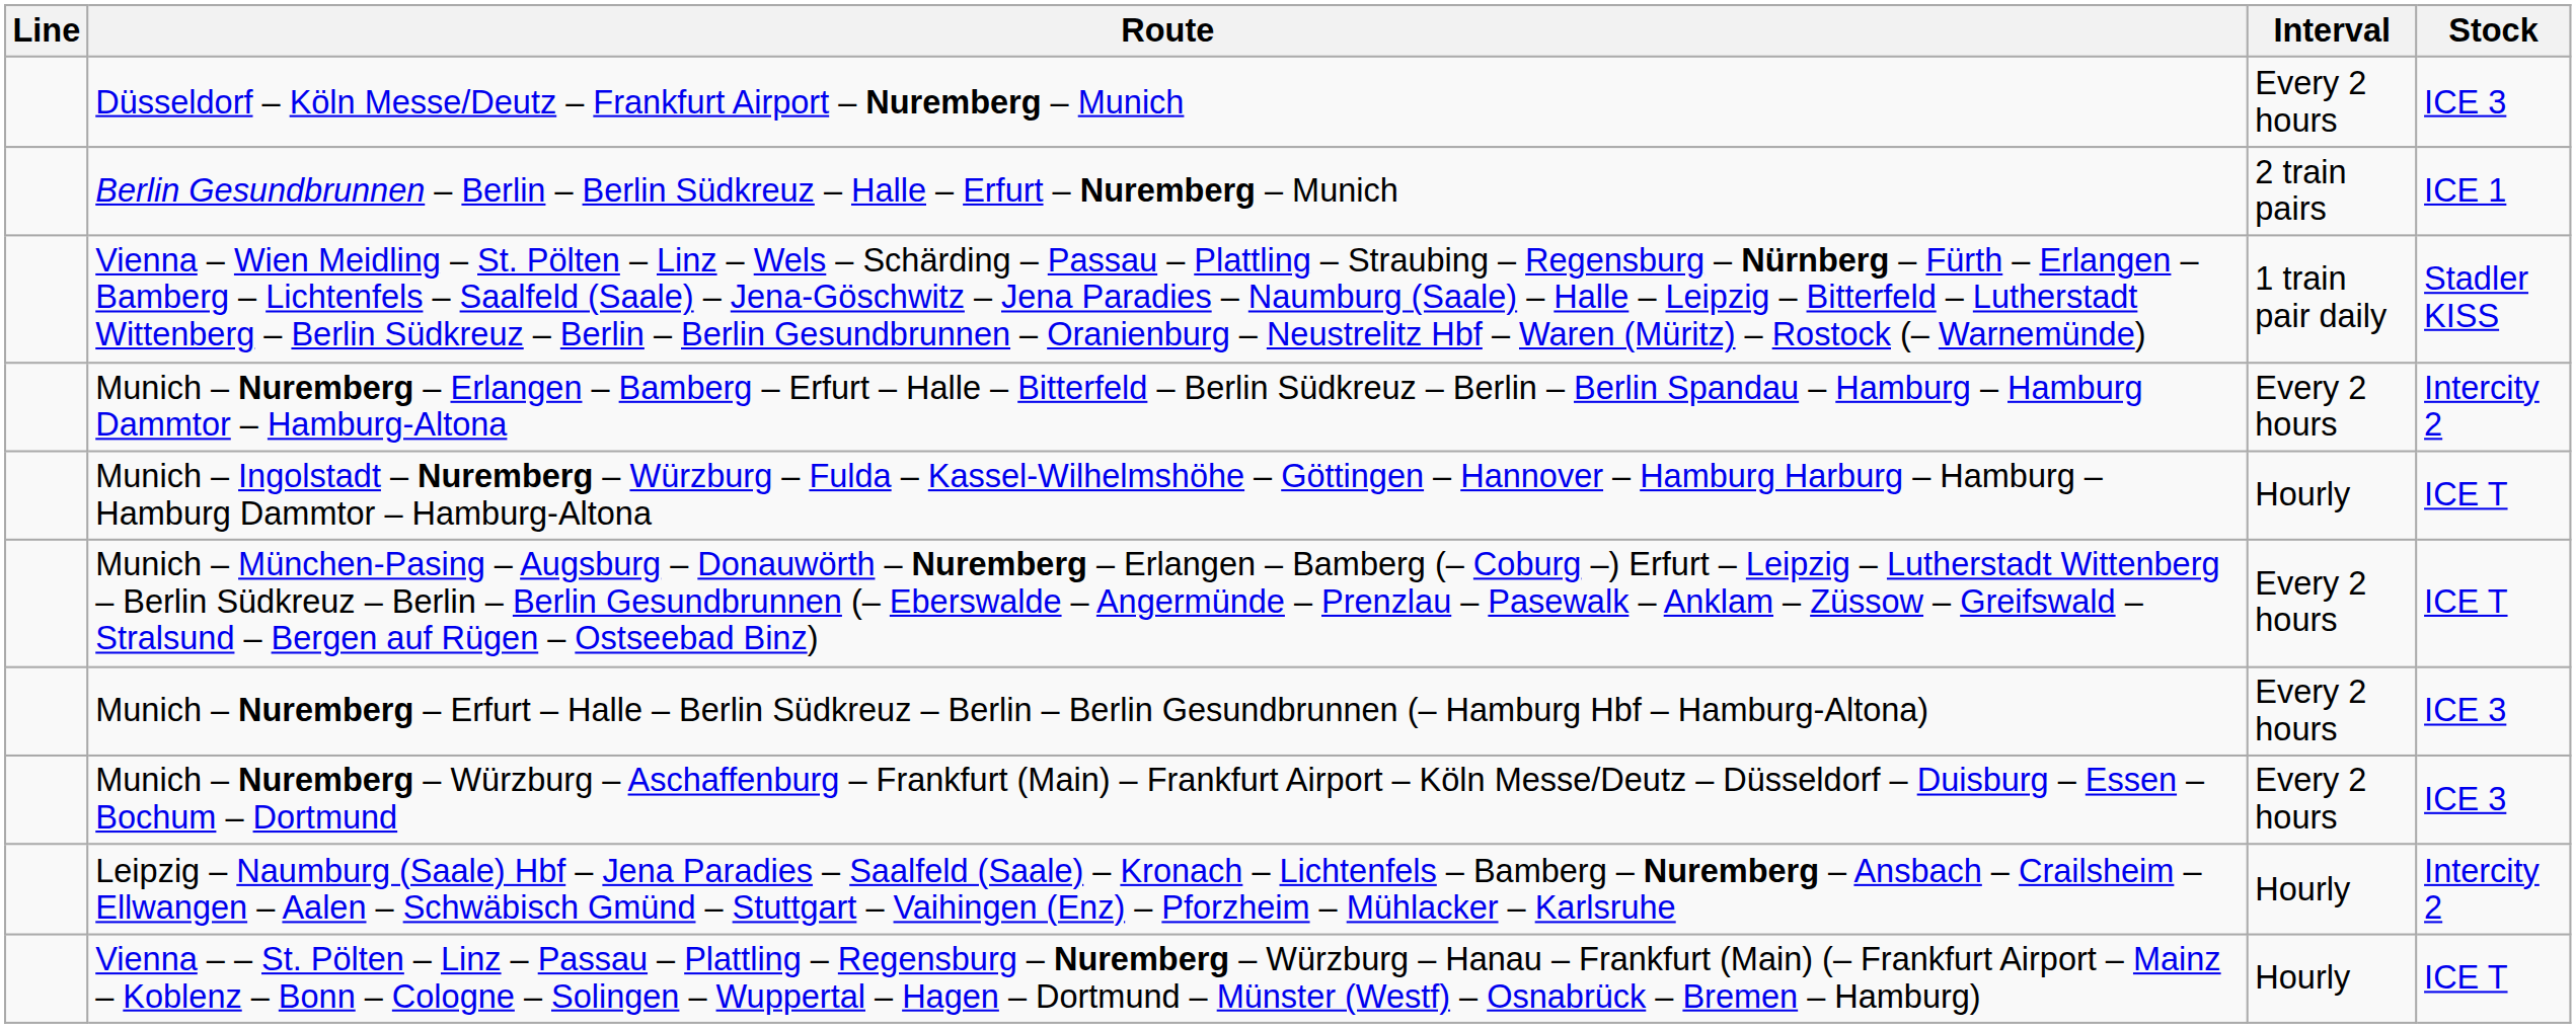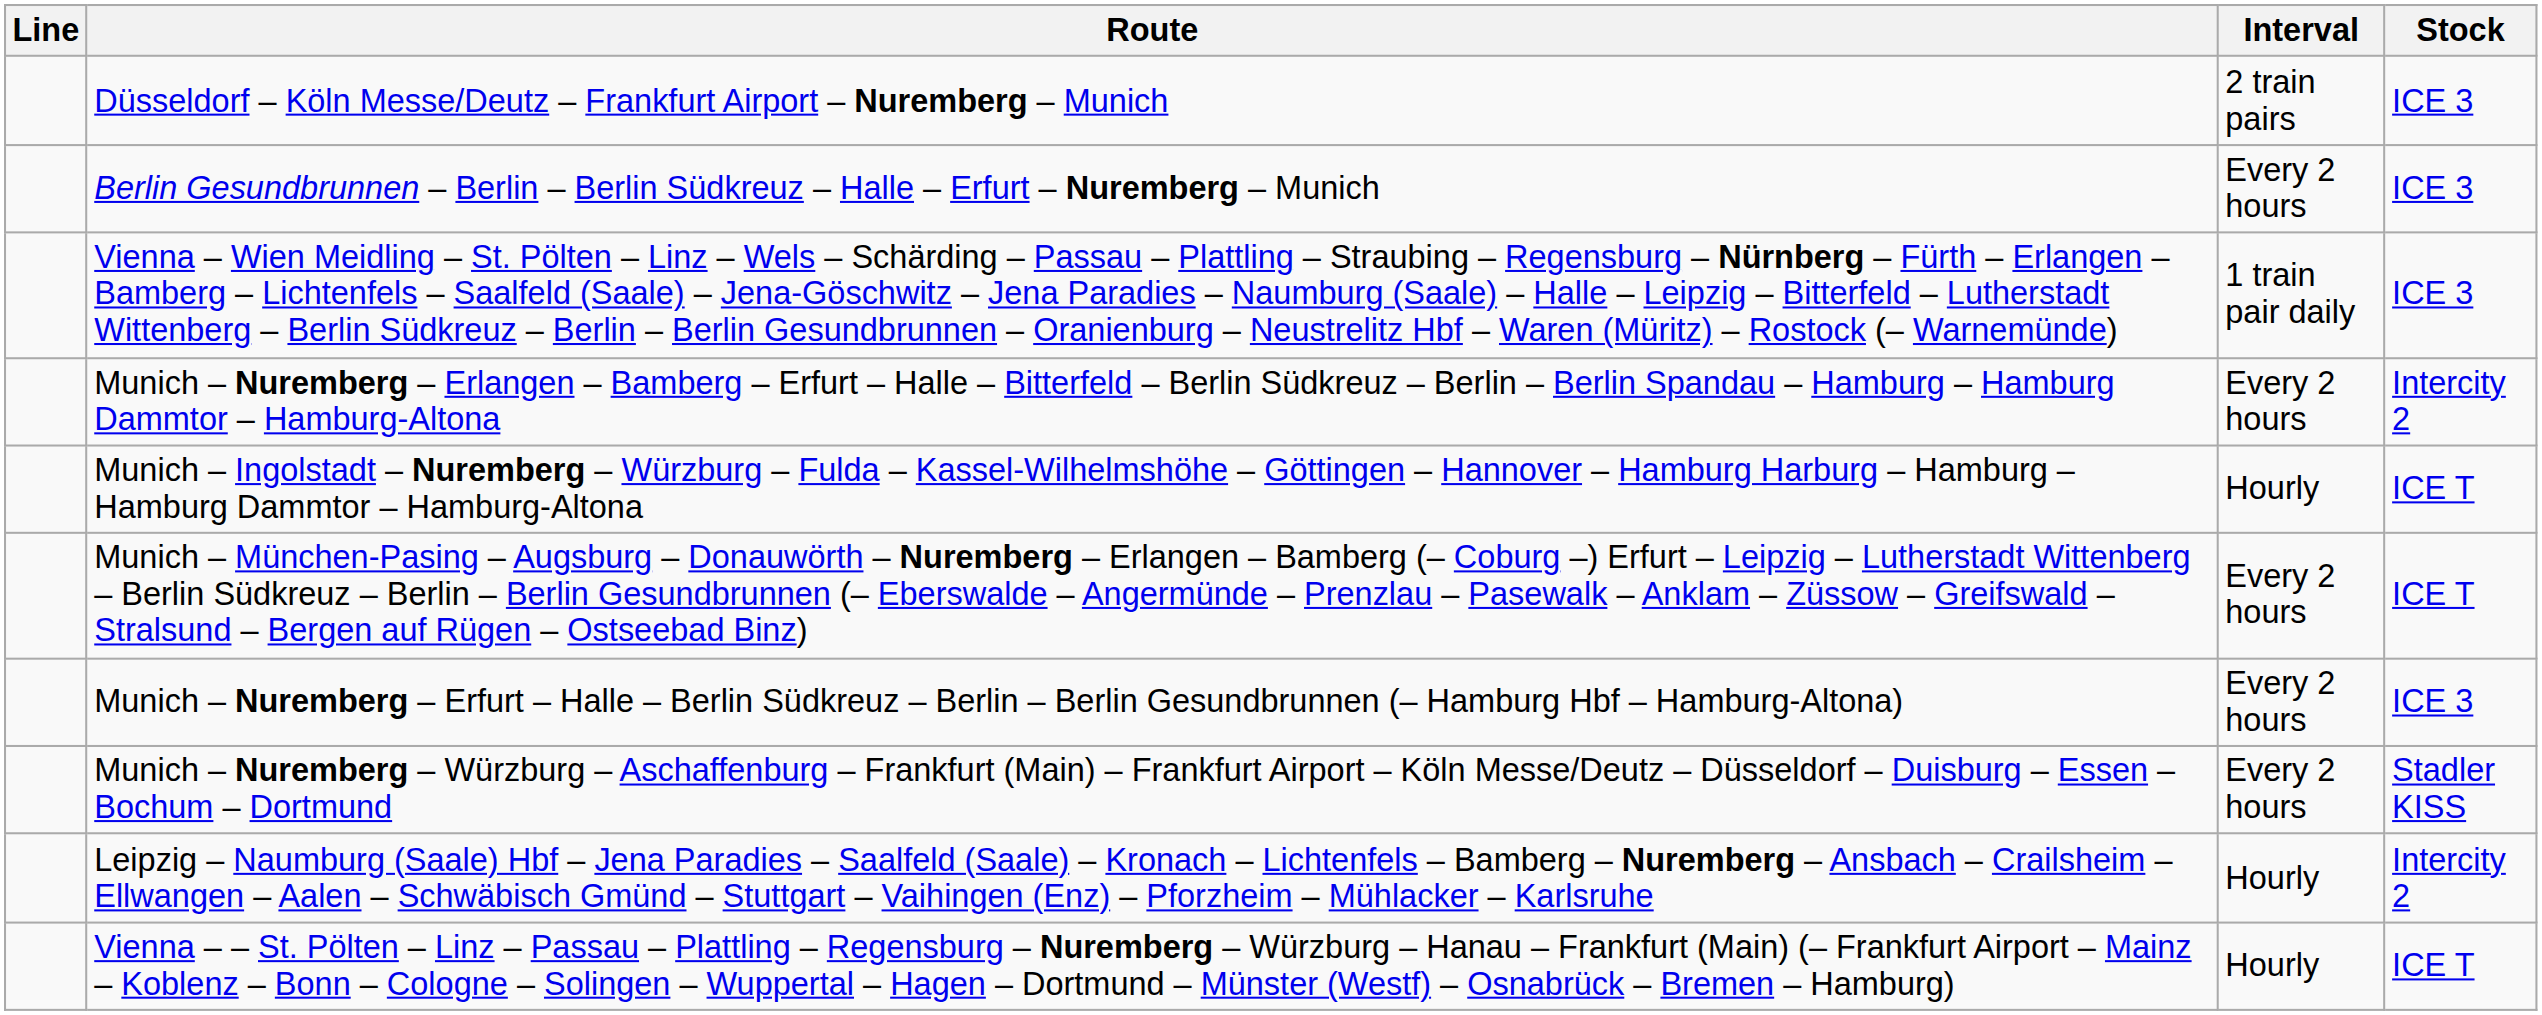 <table class="wikitable">
 <tr>
 <th>Line</th>
 <th>Route</th>
 <th>Interval</th>
 <th>Stock</th>
 </tr>
 <tr>
 <td></td>
 <td><a href='#'>Düsseldorf</a> – <a href='#'>Köln Messe/Deutz</a> – <a href='#'>Frankfurt Airport</a> – <strong>Nuremberg</strong> – <a href='#'>Munich</a></td>
+<td>2 train pairs</td>
+<td><a href='#'>ICE 3</a></td>
+</tr>
+<tr>
+<td></td>
+<td><em><a href='#'>Berlin Gesundbrunnen</a></em> – <a href='#'>Berlin</a> – <a href='#'>Berlin Südkreuz</a> – <a href='#'>Halle</a> – <a href='#'>Erfurt</a> – <strong>Nuremberg</strong> – Munich</td>
 <td>Every 2 hours</td>
 <td><a href='#'>ICE 3</a></td>
 </tr>
 <tr>
 <td></td>
-<td><em><a href='#'>Berlin Gesundbrunnen</a></em> – <a href='#'>Berlin</a> – <a href='#'>Berlin Südkreuz</a> – <a href='#'>Halle</a> – <a href='#'>Erfurt</a> – <strong>Nuremberg</strong> – Munich</td>
-<td>2 train pairs</td>
-<td><a href='#'>ICE 1</a></td>
-</tr>
-<tr>
-<td></td>
 <td><a href='#'>Vienna</a> – <a href='#'>Wien Meidling</a> – <a href='#'>St. Pölten</a> – <a href='#'>Linz</a> – <a href='#'>Wels</a> – Schärding – <a href='#'>Passau</a> – <a href='#'>Plattling</a> – Straubing – <a href='#'>Regensburg</a> – <strong>Nürnberg</strong> – <a href='#'>Fürth</a> – <a href='#'>Erlangen</a> – <a href='#'>Bamberg</a> – <a href='#'>Lichtenfels</a> – <a href='#'>Saalfeld (Saale)</a> – <a href='#'>Jena-Göschwitz</a> – <a href='#'>Jena Paradies</a> – <a href='#'>Naumburg (Saale)</a> – <a href='#'>Halle</a> – <a href='#'>Leipzig</a> – <a href='#'>Bitterfeld</a> – <a href='#'>Lutherstadt Wittenberg</a> – <a href='#'>Berlin Südkreuz</a> – <a href='#'>Berlin</a> – <a href='#'>Berlin Gesundbrunnen</a> – <a href='#'>Oranienburg</a> – <a href='#'>Neustrelitz Hbf</a> – <a href='#'>Waren (Müritz)</a> – <a href='#'>Rostock</a> (– <a href='#'>Warnemünde</a>)</td>
 <td>1 train pair daily</td>
-<td><a href='#'>Stadler KISS</a></td>
+<td><a href='#'>ICE 3</a></td>
 </tr>
 <tr>
 <td></td>
 <td>Munich – <strong>Nuremberg</strong> – <a href='#'>Erlangen</a> – <a href='#'>Bamberg</a> – Erfurt – Halle – <a href='#'>Bitterfeld</a> – Berlin Südkreuz – Berlin – <a href='#'>Berlin Spandau</a> – <a href='#'>Hamburg</a> – <a href='#'>Hamburg Dammtor</a> – <a href='#'>Hamburg-Altona</a></td>
 <td>Every 2 hours</td>
 <td><a href='#'>Intercity 2</a></td>
 </tr>
 <tr>
 <td></td>
 <td>Munich – <a href='#'>Ingolstadt</a> – <strong>Nuremberg</strong> – <a href='#'>Würzburg</a> – <a href='#'>Fulda</a> – <a href='#'>Kassel-Wilhelmshöhe</a> – <a href='#'>Göttingen</a> – <a href='#'>Hannover</a> – <a href='#'>Hamburg Harburg</a> – Hamburg – Hamburg Dammtor – Hamburg-Altona</td>
 <td>Hourly</td>
 <td><a href='#'>ICE T</a></td>
 </tr>
 <tr>
 <td></td>
 <td>Munich – <a href='#'>München-Pasing</a> – <a href='#'>Augsburg</a> – <a href='#'>Donauwörth</a> – <strong>Nuremberg</strong> – Erlangen – Bamberg (– <a href='#'>Coburg</a> –) Erfurt – <a href='#'>Leipzig</a> – <a href='#'>Lutherstadt Wittenberg</a> – Berlin Südkreuz – Berlin – <a href='#'>Berlin Gesundbrunnen</a> (– <a href='#'>Eberswalde</a> – <a href='#'>Angermünde</a> – <a href='#'>Prenzlau</a> – <a href='#'>Pasewalk</a> – <a href='#'>Anklam</a> – <a href='#'>Züssow</a> – <a href='#'>Greifswald</a> – <a href='#'>Stralsund</a> – <a href='#'>Bergen auf Rügen</a> – <a href='#'>Ostseebad Binz</a>)</td>
 <td>Every 2 hours</td>
 <td><a href='#'>ICE T</a></td>
 </tr>
 <tr>
 <td></td>
 <td>Munich – <strong>Nuremberg</strong> – Erfurt – Halle – Berlin Südkreuz – Berlin – Berlin Gesundbrunnen (– Hamburg Hbf – Hamburg-Altona)</td>
 <td>Every 2 hours</td>
 <td><a href='#'>ICE 3</a></td>
 </tr>
 <tr>
 <td></td>
 <td>Munich – <strong>Nuremberg</strong> – Würzburg – <a href='#'>Aschaffenburg</a> – Frankfurt (Main) – Frankfurt Airport – Köln Messe/Deutz – Düsseldorf – <a href='#'>Duisburg</a> – <a href='#'>Essen</a> – <a href='#'>Bochum</a> – <a href='#'>Dortmund</a></td>
 <td>Every 2 hours</td>
-<td><a href='#'>ICE 3</a></td>
+<td><a href='#'>Stadler KISS</a></td>
 </tr>
 <tr>
 <td></td>
 <td>Leipzig – <a href='#'>Naumburg (Saale) Hbf</a> – <a href='#'>Jena Paradies</a> – <a href='#'>Saalfeld (Saale)</a> – <a href='#'>Kronach</a> – <a href='#'>Lichtenfels</a> – Bamberg – <strong>Nuremberg</strong> – <a href='#'>Ansbach</a> – <a href='#'>Crailsheim</a> – <a href='#'>Ellwangen</a> – <a href='#'>Aalen</a> – <a href='#'>Schwäbisch Gmünd</a> – <a href='#'>Stuttgart</a> – <a href='#'>Vaihingen (Enz)</a> – <a href='#'>Pforzheim</a> – <a href='#'>Mühlacker</a> – <a href='#'>Karlsruhe</a></td>
 <td>Hourly</td>
 <td><a href='#'>Intercity 2</a></td>
 </tr>
 <tr>
 <td></td>
 <td><a href='#'>Vienna</a> –  – <a href='#'>St. Pölten</a> – <a href='#'>Linz</a> – <a href='#'>Passau</a> – <a href='#'>Plattling</a> – <a href='#'>Regensburg</a> – <strong>Nuremberg</strong> – Würzburg – Hanau – Frankfurt (Main) (– Frankfurt Airport – <a href='#'>Mainz</a>  – <a href='#'>Koblenz</a> – <a href='#'>Bonn</a> – <a href='#'>Cologne</a> – <a href='#'>Solingen</a> – <a href='#'>Wuppertal</a> – <a href='#'>Hagen</a> – Dortmund – <a href='#'>Münster (Westf)</a> – <a href='#'>Osnabrück</a> – <a href='#'>Bremen</a> – Hamburg)</td>
 <td>Hourly</td>
 <td><a href='#'>ICE T</a></td>
 </tr>
 </table>
